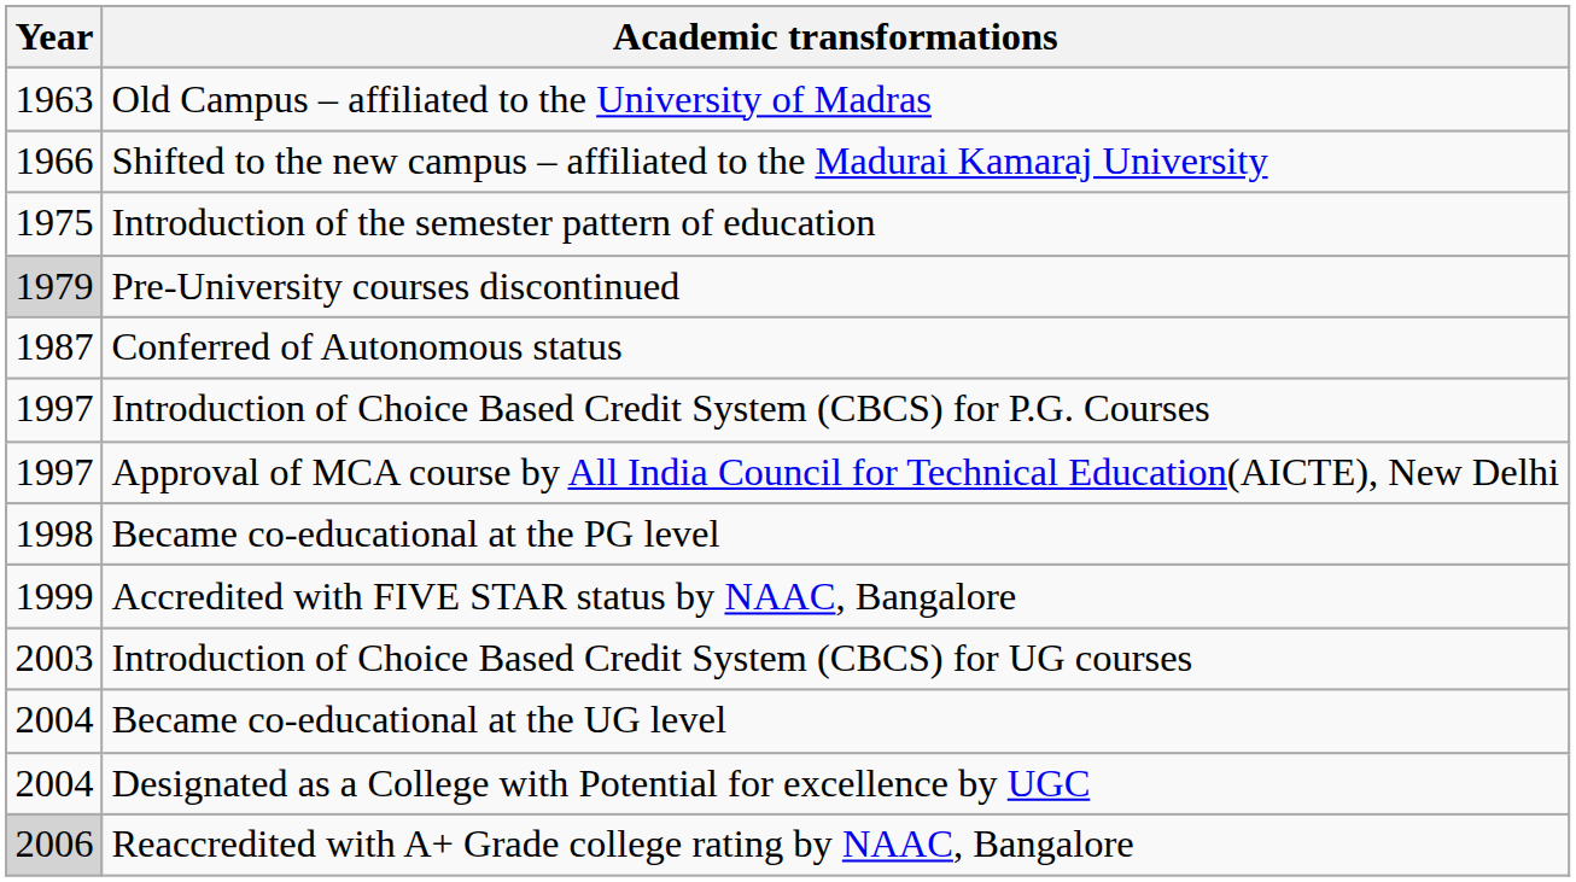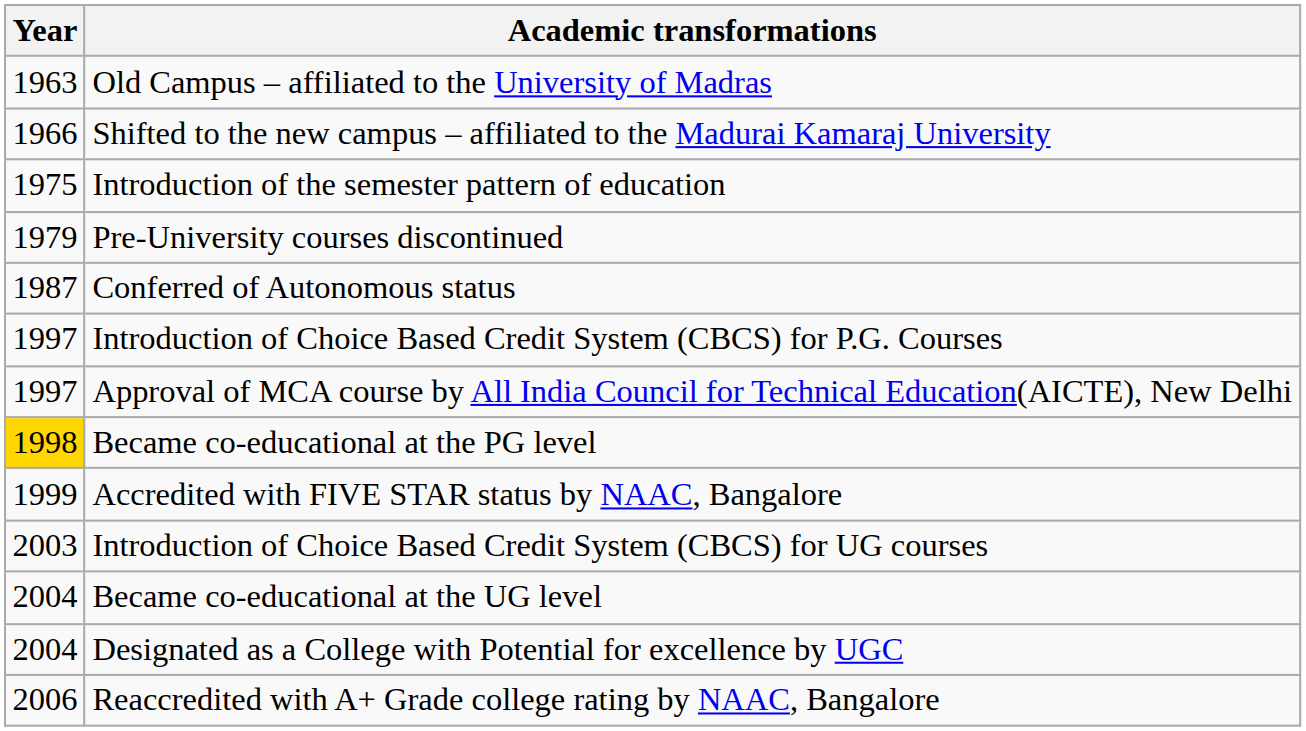 <table class="wikitable">
 <tr>
 <th>Year</th>
 <th>Academic transformations</th>
 </tr>
 <tr>
 <td>1963</td>
 <td>Old Campus – affiliated to the <a href='#'>University of Madras</a></td>
 </tr>
 <tr>
 <td>1966</td>
 <td>Shifted to the new campus – affiliated to the <a href='#'>Madurai Kamaraj University</a></td>
 </tr>
 <tr>
 <td>1975</td>
 <td>Introduction of the semester pattern of education</td>
 </tr>
 <tr>
-<td style="background: lightgrey;">1979</td>
+<td>1979</td>
 <td>Pre-University courses discontinued</td>
 </tr>
 <tr>
 <td>1987</td>
 <td>Conferred of Autonomous status</td>
 </tr>
 <tr>
 <td>1997</td>
 <td>Introduction of Choice Based Credit System (CBCS) for P.G. Courses</td>
 </tr>
 <tr>
 <td>1997</td>
 <td>Approval of MCA course by <a href='#'>All India Council for Technical Education</a>(AICTE), New Delhi</td>
 </tr>
 <tr>
-<td>1998</td>
+<td style="background: gold;">1998</td>
 <td>Became co-educational at the PG level</td>
 </tr>
 <tr>
 <td>1999</td>
 <td>Accredited with FIVE STAR status by <a href='#'>NAAC</a>, Bangalore</td>
 </tr>
 <tr>
 <td>2003</td>
 <td>Introduction of Choice Based Credit System (CBCS) for UG courses</td>
 </tr>
 <tr>
 <td>2004</td>
 <td>Became co-educational at the UG level</td>
 </tr>
 <tr>
 <td>2004</td>
 <td>Designated as a College with Potential for excellence by <a href='#'>UGC</a></td>
 </tr>
 <tr>
-<td style="background: lightgrey;">2006</td>
+<td>2006</td>
 <td>Reaccredited with A+ Grade college rating by <a href='#'>NAAC</a>, Bangalore</td>
 </tr>
 </table>
